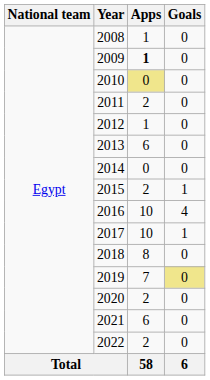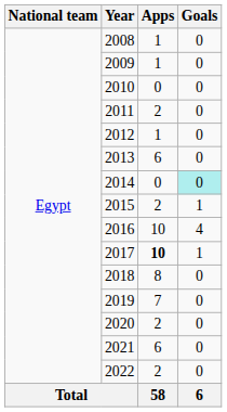 <table class="wikitable" style="text-align:center">
 <tr>
 <th>National team</th>
 <th>Year</th>
 <th>Apps</th>
 <th>Goals</th>
 </tr>
 <tr>
 <td rowspan="15"><a href='#'>Egypt</a></td>
 <td>2008</td>
 <td>1</td>
 <td>0</td>
 </tr>
 <tr>
 <td>2009</td>
-<td><strong>1</strong></td>
+<td>1</td>
 <td>0</td>
 </tr>
 <tr>
 <td>2010</td>
-<td style="background: khaki;">0</td>
+<td>0</td>
 <td>0</td>
 </tr>
 <tr>
 <td>2011</td>
 <td>2</td>
 <td>0</td>
 </tr>
 <tr>
 <td>2012</td>
 <td>1</td>
 <td>0</td>
 </tr>
 <tr>
 <td>2013</td>
 <td>6</td>
 <td>0</td>
 </tr>
 <tr>
 <td>2014</td>
 <td>0</td>
-<td>0</td>
+<td style="background: paleturquoise;">0</td>
 </tr>
 <tr>
 <td>2015</td>
 <td>2</td>
 <td>1</td>
 </tr>
 <tr>
 <td>2016</td>
 <td>10</td>
 <td>4</td>
 </tr>
 <tr>
 <td>2017</td>
-<td>10</td>
+<td><strong>10</strong></td>
 <td>1</td>
 </tr>
 <tr>
 <td>2018</td>
 <td>8</td>
 <td>0</td>
 </tr>
 <tr>
 <td>2019</td>
 <td>7</td>
-<td style="background: khaki;">0</td>
+<td>0</td>
 </tr>
 <tr>
 <td>2020</td>
 <td>2</td>
 <td>0</td>
 </tr>
 <tr>
 <td>2021</td>
 <td>6</td>
 <td>0</td>
 </tr>
 <tr>
 <td>2022</td>
 <td>2</td>
 <td>0</td>
 </tr>
 <tr>
 <th colspan="2">Total</th>
 <th>58</th>
 <th>6</th>
 </tr>
 </table>
